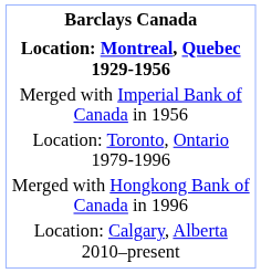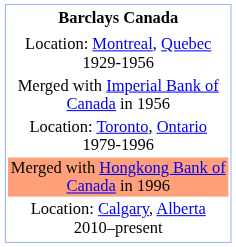 <table style="text-align: center; float: right; margin-left: 1em; margin-bottom: 0.5em; width: 220px; border: #99B3FF solid 1px">
 <tr>
 <td><strong>Barclays Canada</strong></td>
 </tr>
 <tr>
 <td></td>
 </tr>
 <tr>
-<td><strong>Location: <a href='#'>Montreal</a>, <a href='#'>Quebec</a> 1929-1956</strong></td>
+<td>Location: <a href='#'>Montreal</a>, <a href='#'>Quebec</a> 1929-1956</td>
 </tr>
 <tr>
 <td>Merged with <a href='#'>Imperial Bank of Canada</a> in 1956</td>
 </tr>
 <tr>
 <td>Location: <a href='#'>Toronto</a>, <a href='#'>Ontario</a> 1979-1996</td>
 </tr>
 <tr>
-<td>Merged with <a href='#'>Hongkong Bank of Canada</a> in 1996</td>
+<td style="background: lightsalmon;">Merged with <a href='#'>Hongkong Bank of Canada</a> in 1996</td>
 </tr>
 <tr>
 <td>Location: <a href='#'>Calgary</a>, <a href='#'>Alberta</a> 2010–present</td>
 </tr>
 <tr>
 </tr>
 </table>
